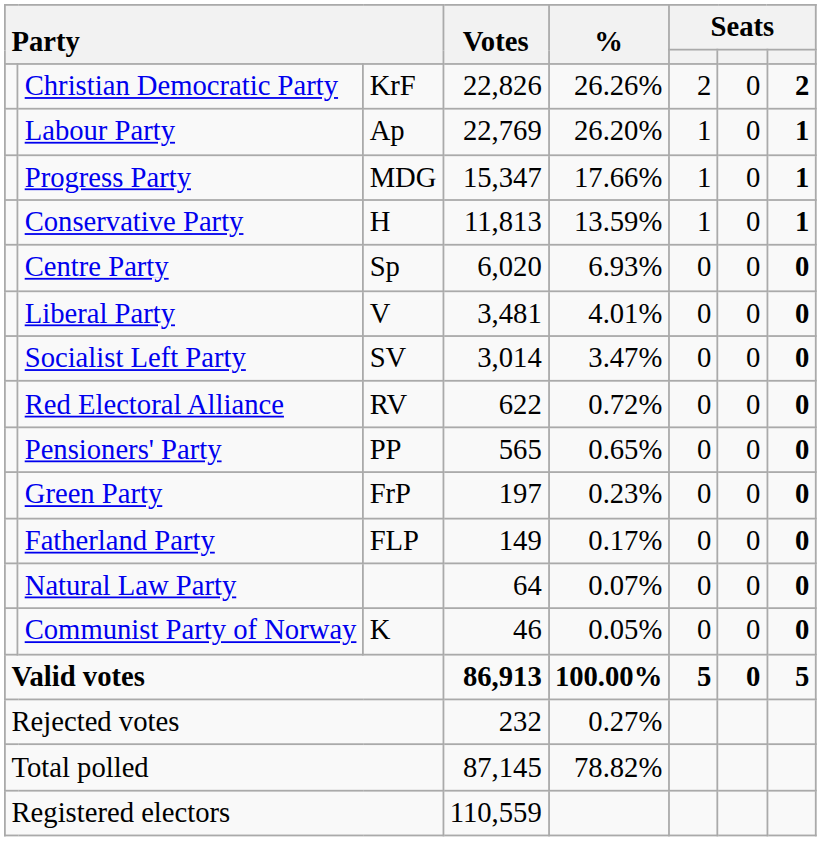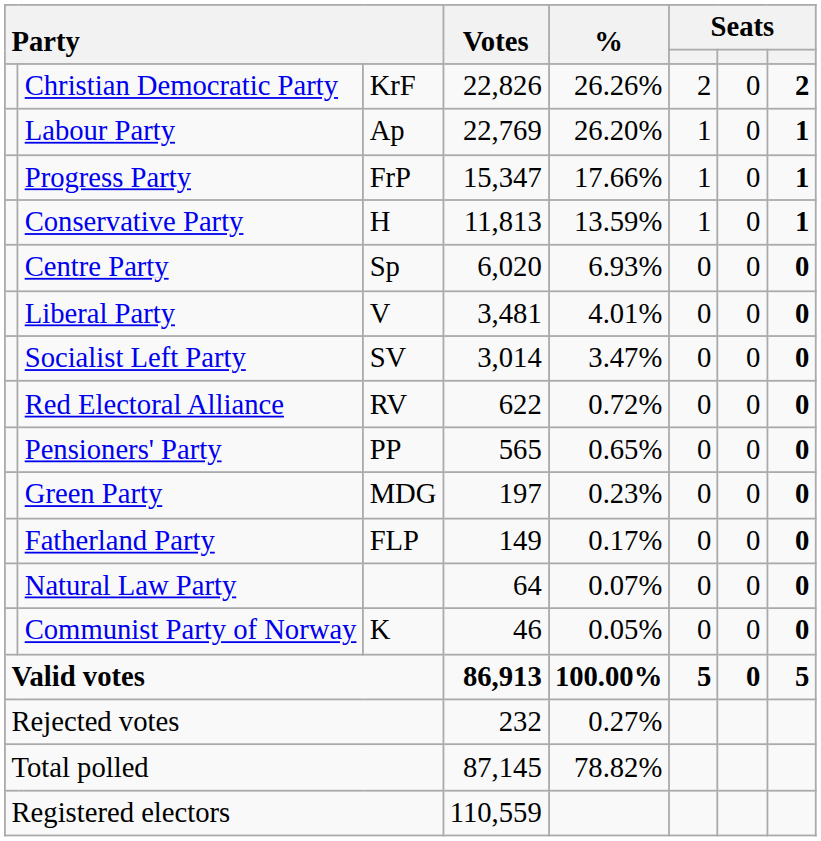 <table class="wikitable" border="1" style="text-align:right;">
 <tr>
 <th style="text-align:left;" valign=bottom rowspan=2 colspan=3>Party</th>
 <th align=center valign=bottom rowspan=2 width="50">Votes</th>
 <th align=center valign=bottom rowspan=2 width="50">%</th>
 <th colspan=3>Seats</th>
 </tr>
 <tr>
 <th align=center valign=bottom width="20"><small></small></th>
 <th align=center valign=bottom width="20"><small><a href='#'></a></small></th>
 <th align=center valign=bottom width="20"><small></small></th>
 </tr>
 <tr>
 <td style="color:inherit;background:"></td>
 <td align=left><a href='#'>Christian Democratic Party</a></td>
 <td align=left>KrF</td>
 <td>22,826</td>
 <td>26.26%</td>
 <td>2</td>
 <td>0</td>
 <td><strong>2</strong></td>
 </tr>
 <tr>
 <td style="color:inherit;background:"></td>
 <td align=left><a href='#'>Labour Party</a></td>
 <td align=left>Ap</td>
 <td>22,769</td>
 <td>26.20%</td>
 <td>1</td>
 <td>0</td>
 <td><strong>1</strong></td>
 </tr>
 <tr>
 <td style="color:inherit;background:"></td>
 <td align=left><a href='#'>Progress Party</a></td>
-<td align=left>MDG</td>
+<td align=left>FrP</td>
 <td>15,347</td>
 <td>17.66%</td>
 <td>1</td>
 <td>0</td>
 <td><strong>1</strong></td>
 </tr>
 <tr>
 <td style="color:inherit;background:"></td>
 <td align=left><a href='#'>Conservative Party</a></td>
 <td align=left>H</td>
 <td>11,813</td>
 <td>13.59%</td>
 <td>1</td>
 <td>0</td>
 <td><strong>1</strong></td>
 </tr>
 <tr>
 <td style="color:inherit;background:"></td>
 <td align=left><a href='#'>Centre Party</a></td>
 <td align=left>Sp</td>
 <td>6,020</td>
 <td>6.93%</td>
 <td>0</td>
 <td>0</td>
 <td><strong>0</strong></td>
 </tr>
 <tr>
 <td style="color:inherit;background:"></td>
 <td align=left><a href='#'>Liberal Party</a></td>
 <td align=left>V</td>
 <td>3,481</td>
 <td>4.01%</td>
 <td>0</td>
 <td>0</td>
 <td><strong>0</strong></td>
 </tr>
 <tr>
 <td style="color:inherit;background:"></td>
 <td align=left><a href='#'>Socialist Left Party</a></td>
 <td align=left>SV</td>
 <td>3,014</td>
 <td>3.47%</td>
 <td>0</td>
 <td>0</td>
 <td><strong>0</strong></td>
 </tr>
 <tr>
 <td style="color:inherit;background:"></td>
 <td align=left><a href='#'>Red Electoral Alliance</a></td>
 <td align=left>RV</td>
 <td>622</td>
 <td>0.72%</td>
 <td>0</td>
 <td>0</td>
 <td><strong>0</strong></td>
 </tr>
 <tr>
 <td style="color:inherit;background:"></td>
 <td align=left><a href='#'>Pensioners' Party</a></td>
 <td align=left>PP</td>
 <td>565</td>
 <td>0.65%</td>
 <td>0</td>
 <td>0</td>
 <td><strong>0</strong></td>
 </tr>
 <tr>
 <td style="color:inherit;background:"></td>
 <td align=left><a href='#'>Green Party</a></td>
-<td align=left>FrP</td>
+<td align=left>MDG</td>
 <td>197</td>
 <td>0.23%</td>
 <td>0</td>
 <td>0</td>
 <td><strong>0</strong></td>
 </tr>
 <tr>
 <td style="color:inherit;background:"></td>
 <td align=left><a href='#'>Fatherland Party</a></td>
 <td align=left>FLP</td>
 <td>149</td>
 <td>0.17%</td>
 <td>0</td>
 <td>0</td>
 <td><strong>0</strong></td>
 </tr>
 <tr>
 <td></td>
 <td align=left><a href='#'>Natural Law Party</a></td>
 <td align=left></td>
 <td>64</td>
 <td>0.07%</td>
 <td>0</td>
 <td>0</td>
 <td><strong>0</strong></td>
 </tr>
 <tr>
 <td style="color:inherit;background:"></td>
 <td align=left><a href='#'>Communist Party of Norway</a></td>
 <td align=left>K</td>
 <td>46</td>
 <td>0.05%</td>
 <td>0</td>
 <td>0</td>
 <td><strong>0</strong></td>
 </tr>
 <tr style="font-weight:bold">
 <td align=left colspan=3>Valid votes</td>
 <td>86,913</td>
 <td>100.00%</td>
 <td>5</td>
 <td>0</td>
 <td>5</td>
 </tr>
 <tr>
 <td align=left colspan=3>Rejected votes</td>
 <td>232</td>
 <td>0.27%</td>
 <td></td>
 <td></td>
 <td></td>
 </tr>
 <tr>
 <td align=left colspan=3>Total polled</td>
 <td>87,145</td>
 <td>78.82%</td>
 <td></td>
 <td></td>
 <td></td>
 </tr>
 <tr>
 <td align=left colspan=3>Registered electors</td>
 <td>110,559</td>
 <td></td>
 <td></td>
 <td></td>
 <td></td>
 </tr>
 </table>
